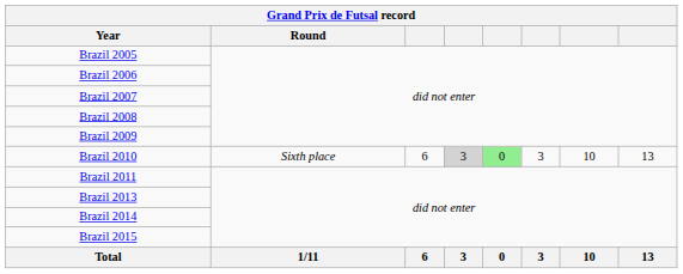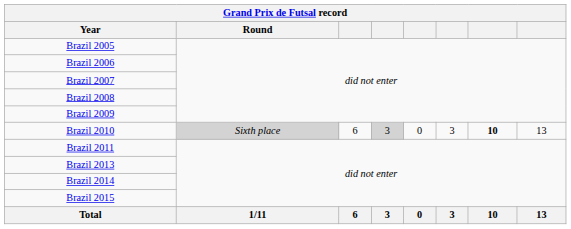 <table class="wikitable" width=50% style="text-align: center;font-size:90%;">
 <tr>
 <th colspan=9><a href='#'>Grand Prix de Futsal</a> record</th>
 </tr>
 <tr>
 <th>Year</th>
 <th>Round</th>
 <th></th>
 <th></th>
 <th></th>
 <th></th>
 <th></th>
 <th></th>
 </tr>
 <tr>
 <td><a href='#'>Brazil 2005</a></td>
 <td rowspan=5 colspan=8><em>did not enter</em></td>
 </tr>
 <tr>
 <td><a href='#'>Brazil 2006</a></td>
 </tr>
 <tr>
 <td><a href='#'>Brazil 2007</a></td>
 </tr>
 <tr>
 <td><a href='#'>Brazil 2008</a></td>
 </tr>
 <tr>
 <td><a href='#'>Brazil 2009</a></td>
 </tr>
 <tr>
 <td><a href='#'>Brazil 2010</a></td>
-<td><em>Sixth place</em></td>
+<td style="background: lightgrey;"><em>Sixth place</em></td>
 <td>6</td>
 <td style="background: lightgrey;">3</td>
-<td style="background: lightgreen;">0</td>
+<td>0</td>
 <td>3</td>
-<td>10</td>
+<td><strong>10</strong></td>
 <td>13</td>
 </tr>
 <tr>
 <td><a href='#'>Brazil 2011</a></td>
 <td rowspan=4 colspan=8><em>did not enter</em></td>
 </tr>
 <tr>
 <td><a href='#'>Brazil 2013</a></td>
 </tr>
 <tr>
 <td><a href='#'>Brazil 2014</a></td>
 </tr>
 <tr>
 <td><a href='#'>Brazil 2015</a></td>
 </tr>
 <tr>
 <th><strong>Total</strong></th>
 <th>1/11</th>
 <th>6</th>
 <th>3</th>
 <th>0</th>
 <th>3</th>
 <th>10</th>
 <th>13</th>
 </tr>
 </table>
